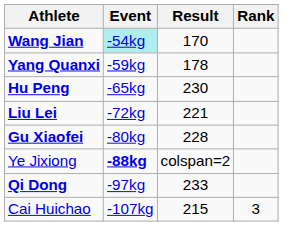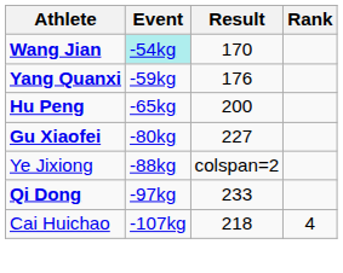 <table class="wikitable">
 <tr>
 <th>Athlete</th>
 <th>Event</th>
 <th>Result</th>
 <th>Rank</th>
 </tr>
 <tr align=center>
 <td align=left><strong><a href='#'>Wang Jian</a></strong></td>
 <td align=left style="background: paleturquoise;"><a href='#'>-54kg</a></td>
 <td>170</td>
 <td></td>
 </tr>
 <tr align=center>
 <td align=left><strong><a href='#'>Yang Quanxi</a></strong></td>
 <td align=left><a href='#'>-59kg</a></td>
-<td>178</td>
+<td>176</td>
 <td></td>
 </tr>
 <tr align=center>
 <td align=left><strong><a href='#'>Hu Peng</a></strong></td>
 <td align=left><a href='#'>-65kg</a></td>
-<td>230</td>
-<td></td>
-</tr>
-<tr align=center>
-<td align=left><strong><a href='#'>Liu Lei</a></strong></td>
-<td align=left><a href='#'>-72kg</a></td>
-<td>221</td>
+<td>200</td>
 <td></td>
 </tr>
 <tr align=center>
 <td align=left><strong><a href='#'>Gu Xiaofei</a></strong></td>
 <td align=left><a href='#'>-80kg</a></td>
-<td>228</td>
+<td>227</td>
 <td></td>
 </tr>
 <tr align=center>
 <td align=left><a href='#'>Ye Jixiong</a></td>
-<td align=left><strong><a href='#'>-88kg</a></strong></td>
+<td align=left><a href='#'>-88kg</a></td>
 <td>colspan=2 </td>
 </tr>
 <tr align=center>
 <td align=left><strong><a href='#'>Qi Dong</a></strong></td>
 <td align=left><a href='#'>-97kg</a></td>
 <td>233</td>
 <td></td>
 </tr>
 <tr align=center>
 <td align=left><a href='#'>Cai Huichao</a></td>
 <td align=left><a href='#'>-107kg</a></td>
-<td>215</td>
-<td>3</td>
+<td>218</td>
+<td>4</td>
 </tr>
 </table>
